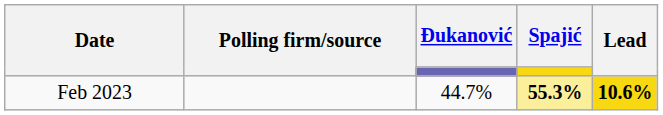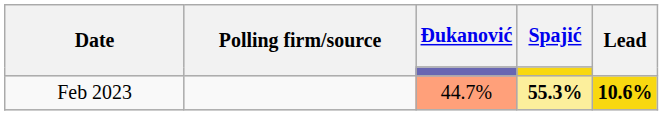 <table class="wikitable" style="text-align:center; font-size:84%; line-height:16px;">
 <tr style="height:42px;">
 <th style="width:115px;" rowspan="2">Date</th>
 <th style="width:150px;" rowspan="2">Polling firm/source</th>
 <th style="width:45px;"><a href='#'>Đukanović</a></th>
 <th style="width:45px;"><a href='#'>Spajić</a></th>
 <th style="width:25px;" rowspan="2">Lead</th>
 </tr>
 <tr>
 <th style="color:inherit;background:#6866b2;"></th>
 <th style="color:inherit;background:#F8D810;"></th>
 </tr>
 <tr>
 <td>Feb 2023</td>
 <td></td>
-<td>44.7%</td>
+<td style="background: lightsalmon;">44.7%</td>
 <td style="background:#fcef9c;"><strong>55.3%</strong></td>
 <td style="background:#F8D810; color:black;"><strong>10.6%</strong></td>
 </tr>
 </table>
